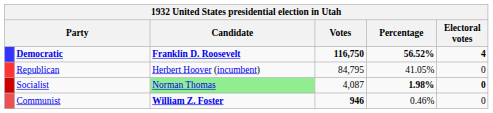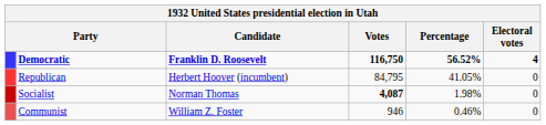 <table class="wikitable" style="font-size: 95%;">
 <tr>
 <th colspan="6">1932 United States presidential election in Utah</th>
 </tr>
 <tr>
 <th colspan="2" style="width: 15em">Party</th>
 <th style="width: 17em">Candidate</th>
 <th style="width: 5em">Votes</th>
 <th style="width: 7em">Percentage</th>
 <th style="width: 5em">Electoral votes</th>
 </tr>
 <tr>
 <th style="background-color:#3333FF; width: 3px"></th>
 <td style="width: 130px"><strong><a href='#'>Democratic</a></strong></td>
 <td><strong><a href='#'>Franklin D. Roosevelt</a></strong></td>
 <td align="right"><strong>116,750</strong></td>
 <td align="right"><strong>56.52%</strong></td>
 <td align="right"><strong>4</strong></td>
 </tr>
 <tr>
 <th style="background-color:#FF3333; width: 3px"></th>
 <td style="width: 130px"><a href='#'>Republican</a></td>
 <td><a href='#'>Herbert Hoover</a> (<a href='#'>incumbent</a>)</td>
 <td align="right">84,795</td>
 <td align="right">41.05%</td>
 <td align="right">0</td>
 </tr>
 <tr>
 <th style="background-color:#CC0000; width: 3px"></th>
 <td style="width: 130px"><a href='#'>Socialist</a></td>
-<td style="background: lightgreen;"><a href='#'>Norman Thomas</a></td>
-<td align="right">4,087</td>
-<td align="right"><strong>1.98%</strong></td>
-<td align="right"><strong>0</strong></td>
+<td><a href='#'>Norman Thomas</a></td>
+<td align="right"><strong>4,087</strong></td>
+<td align="right">1.98%</td>
+<td align="right">0</td>
 </tr>
 <tr>
 <th style="background-color:#EC5050; width: 3px"></th>
 <td style="width: 130px"><a href='#'>Communist</a></td>
-<td><strong><a href='#'>William Z. Foster</a></strong></td>
-<td align="right"><strong>946</strong></td>
+<td><a href='#'>William Z. Foster</a></td>
+<td align="right">946</td>
 <td align="right">0.46%</td>
 <td align="right">0</td>
 </tr>
 </table>
